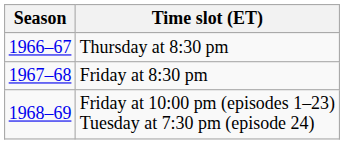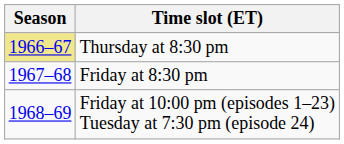 <table class="wikitable">
 <tr>
 <th>Season</th>
 <th>Time slot (ET)</th>
 </tr>
 <tr>
-<td><a href='#'>1966–67</a></td>
+<td style="background: khaki;"><a href='#'>1966–67</a></td>
 <td>Thursday at 8:30 pm</td>
 </tr>
 <tr>
 <td><a href='#'>1967–68</a></td>
 <td>Friday at 8:30 pm</td>
 </tr>
 <tr>
 <td><a href='#'>1968–69</a></td>
 <td>Friday at 10:00 pm (episodes 1–23)<br>Tuesday at 7:30 pm (episode 24)</td>
 </tr>
 </table>
